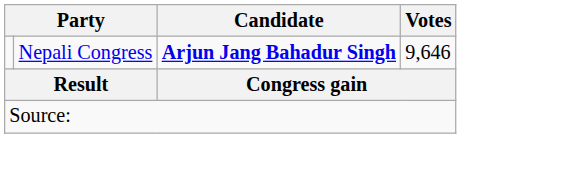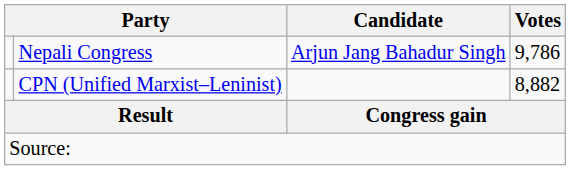 <table class="wikitable">
 <tr>
 <th colspan="2">Party</th>
 <th>Candidate</th>
 <th>Votes</th>
 </tr>
 <tr>
 <td style="color:inherit;background-color:"></td>
 <td><a href='#'>Nepali Congress</a></td>
-<td><strong><a href='#'>Arjun Jang Bahadur Singh</a></strong></td>
-<td>9,646</td>
+<td><a href='#'>Arjun Jang Bahadur Singh</a></td>
+<td>9,786</td>
+</tr>
+<tr>
+<td style="color:inherit;background-color:"></td>
+<td><a href='#'>CPN (Unified Marxist–Leninist)</a></td>
+<td></td>
+<td>8,882</td>
 </tr>
 <tr>
 <th colspan="2">Result</th>
 <th colspan="2">Congress gain</th>
 </tr>
 <tr>
 <td colspan="4">Source: </td>
 </tr>
 </table>
